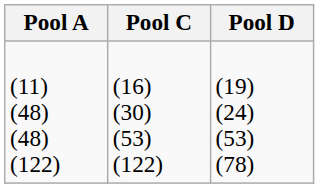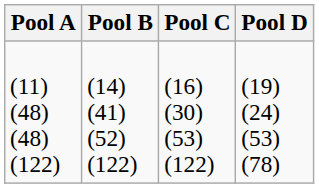 <table class="wikitable">
 <tr>
 <th width=25%>Pool A</th>
+<th width=25%>Pool B</th>
 <th width=25%>Pool C</th>
 <th width=25%>Pool D</th>
 </tr>
 <tr>
 <td valign=top><br> (11)<br>  (48)<br>  (48)<br>  (122)</td>
+<td valign=top><br> (14)<br>  (41)<br>  (52)<br>  (122)</td>
 <td><br> (16)<br>  (30)<br>  (53)<br>  (122)</td>
 <td><br> (19)<br>  (24)<br>  (53)<br>  (78)</td>
 </tr>
 </table>
